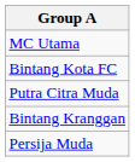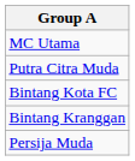 <table class="wikitable">
 <tr>
 <th><strong>Group A</strong></th>
 </tr>
 <tr>
 <td><a href='#'>MC Utama</a></td>
 </tr>
 <tr>
-<td><a href='#'>Bintang Kota FC</a></td>
+<td><a href='#'>Putra Citra Muda</a></td>
 </tr>
 <tr>
-<td><a href='#'>Putra Citra Muda</a></td>
+<td><a href='#'>Bintang Kota FC</a></td>
 </tr>
 <tr>
 <td><a href='#'>Bintang Kranggan</a></td>
 </tr>
 <tr>
 <td><a href='#'>Persija Muda</a></td>
 </tr>
 </table>
